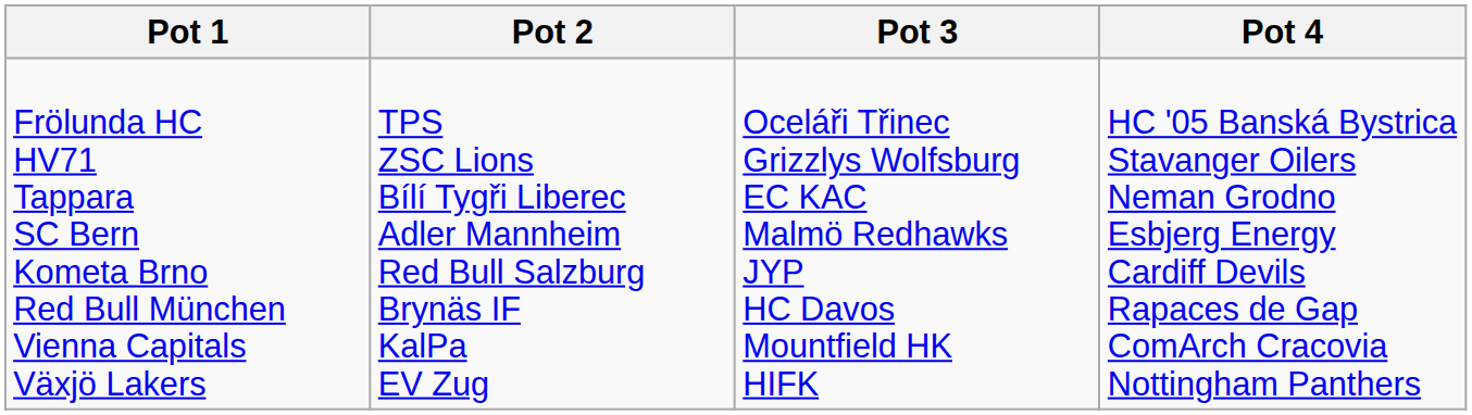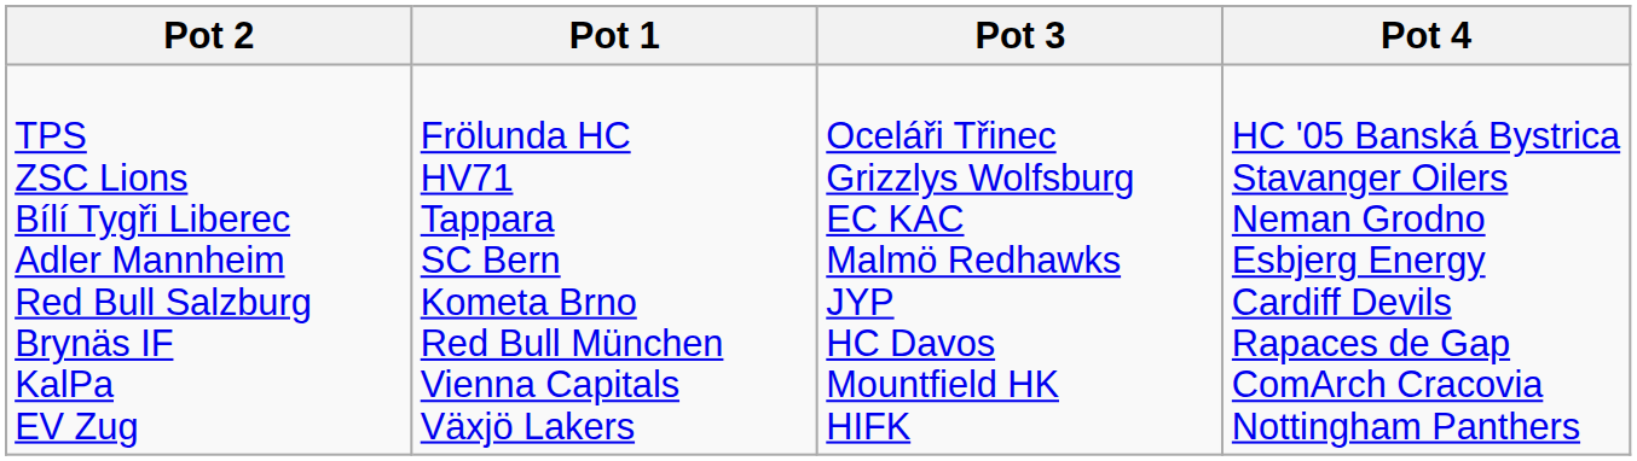 <table class="wikitable" style="font-size: 95%;">
 <tr>
+<th width=25%>Pot 2</th>
 <th width=25%>Pot 1</th>
-<th width=25%>Pot 2</th>
 <th width=25%>Pot 3</th>
 <th width=25%>Pot 4</th>
 </tr>
 <tr>
+<td><br> <a href='#'>TPS</a> <br>  <a href='#'>ZSC Lions</a> <br>  <a href='#'>Bílí Tygři Liberec</a> <br>  <a href='#'>Adler Mannheim</a> <br>  <a href='#'>Red Bull Salzburg</a> <br>  <a href='#'>Brynäs IF</a> <br>  <a href='#'>KalPa</a> <br>  <a href='#'>EV Zug</a> <br></td>
 <td><br> <a href='#'>Frölunda HC</a> <br>  <a href='#'>HV71</a> <br>  <a href='#'>Tappara</a> <br>  <a href='#'>SC Bern</a> <br>  <a href='#'>Kometa Brno</a> <br>  <a href='#'>Red Bull München</a> <br>  <a href='#'>Vienna Capitals</a> <br>  <a href='#'>Växjö Lakers</a> <br></td>
-<td><br> <a href='#'>TPS</a> <br>  <a href='#'>ZSC Lions</a> <br>  <a href='#'>Bílí Tygři Liberec</a> <br>  <a href='#'>Adler Mannheim</a> <br>  <a href='#'>Red Bull Salzburg</a> <br>  <a href='#'>Brynäs IF</a> <br>  <a href='#'>KalPa</a> <br>  <a href='#'>EV Zug</a> <br></td>
 <td><br> <a href='#'>Oceláři Třinec</a> <br>  <a href='#'>Grizzlys Wolfsburg</a> <br>  <a href='#'>EC KAC</a> <br>  <a href='#'>Malmö Redhawks</a> <br>  <a href='#'>JYP</a> <br>  <a href='#'>HC Davos</a> <br>  <a href='#'>Mountfield HK</a> <br>  <a href='#'>HIFK</a> <br></td>
 <td><br> <a href='#'>HC '05 Banská Bystrica</a> <br>  <a href='#'>Stavanger Oilers</a> <br>  <a href='#'>Neman Grodno</a> <br>  <a href='#'>Esbjerg Energy</a> <br>  <a href='#'>Cardiff Devils</a> <br>  <a href='#'>Rapaces de Gap</a> <br>  <a href='#'>ComArch Cracovia</a> <br>  <a href='#'>Nottingham Panthers</a></td>
 </tr>
 </table>
